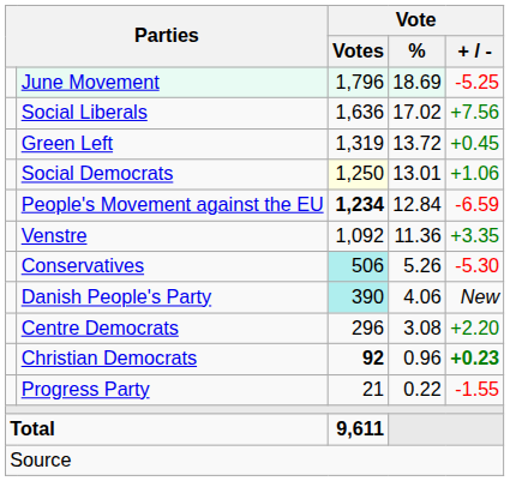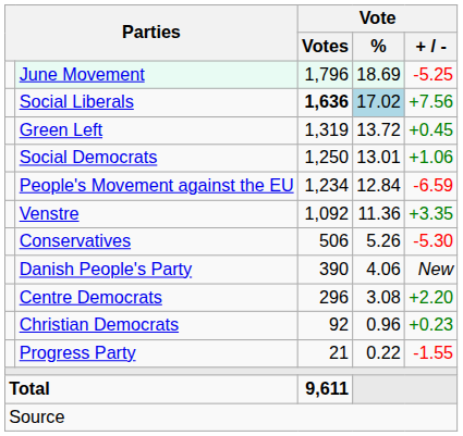 <table class="wikitable" style="text-align:right;">
 <tr>
 <th style="text-align:centre;" rowspan="2" colspan="2" width="225">Parties</th>
 <th colspan="3">Vote</th>
 </tr>
 <tr>
 <th width="15">Votes</th>
 <th width="15">%</th>
 <th width="15">+ / -</th>
 </tr>
 <tr>
 <td width="2" style="color:inherit;background:"></td>
 <td bgcolor=#e8fbf3   align="left"><a href='#'>June Movement</a></td>
 <td bgcolor=#e8fbf3>1,796</td>
 <td bgcolor=#e8fbf3>18.69</td>
 <td style=color:red;>-5.25</td>
 </tr>
 <tr>
 <td width="2" style="color:inherit;background:"></td>
 <td align="left"><a href='#'>Social Liberals</a></td>
-<td>1,636</td>
-<td>17.02</td>
+<td><strong>1,636</strong></td>
+<td style="background: lightblue;">17.02</td>
 <td style=color:green;>+7.56</td>
 </tr>
 <tr>
 <td width="2" style="color:inherit;background:"></td>
 <td align="left"><a href='#'>Green Left</a></td>
 <td>1,319</td>
 <td>13.72</td>
 <td style=color:green;>+0.45</td>
 </tr>
 <tr>
 <td width="2" style="color:inherit;background:"></td>
 <td align="left"><a href='#'>Social Democrats</a></td>
-<td style="background: lightyellow;">1,250</td>
+<td>1,250</td>
 <td>13.01</td>
 <td style=color:green;>+1.06</td>
 </tr>
 <tr>
 <td width="2" style="color:inherit;background:"></td>
 <td align="left"><a href='#'>People's Movement against the EU</a></td>
-<td><strong>1,234</strong></td>
+<td>1,234</td>
 <td>12.84</td>
 <td style=color:red;>-6.59</td>
 </tr>
 <tr>
 <td width="2" style="color:inherit;background:"></td>
 <td align="left"><a href='#'>Venstre</a></td>
 <td>1,092</td>
 <td>11.36</td>
 <td style=color:green;>+3.35</td>
 </tr>
 <tr>
 <td width="2" style="color:inherit;background:"></td>
 <td align="left"><a href='#'>Conservatives</a></td>
-<td style="background: paleturquoise;">506</td>
+<td>506</td>
 <td>5.26</td>
 <td style=color:red;>-5.30</td>
 </tr>
 <tr>
 <td width="2" style="color:inherit;background:"></td>
 <td align="left"><a href='#'>Danish People's Party</a></td>
-<td style="background: paleturquoise;">390</td>
+<td>390</td>
 <td>4.06</td>
 <td><em>New</em></td>
 </tr>
 <tr>
 <td width="2" style="color:inherit;background:"></td>
 <td align="left"><a href='#'>Centre Democrats</a></td>
 <td>296</td>
 <td>3.08</td>
 <td style=color:green;>+2.20</td>
 </tr>
 <tr>
 <td width="2" style="color:inherit;background:"></td>
 <td align="left"><a href='#'>Christian Democrats</a></td>
-<td><strong>92</strong></td>
+<td>92</td>
 <td>0.96</td>
-<td style=color:green;><strong>+0.23</strong></td>
+<td style=color:green;>+0.23</td>
 </tr>
 <tr>
 <td width="2" style="color:inherit;background:"></td>
 <td align="left"><a href='#'>Progress Party</a></td>
 <td>21</td>
 <td>0.22</td>
 <td style=color:red;>-1.55</td>
 </tr>
 <tr>
 <td colspan="7" bgcolor="#E9E9E9"></td>
 </tr>
 <tr>
 <td align="left" colspan="2"><strong>Total</strong></td>
 <td><strong>9,611</strong></td>
 <td bgcolor="#E9E9E9" colspan="2"></td>
 </tr>
 <tr>
 <td align="left" colspan="6">Source</td>
 </tr>
 </table>
